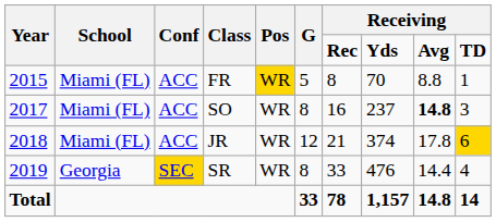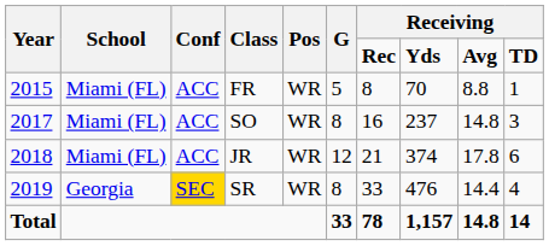 <table class="wikitable">
 <tr style="font-weight:bold; text-align:center;">
 <th rowspan="2">Year</th>
 <th rowspan="2">School</th>
 <th rowspan="2">Conf</th>
 <th rowspan="2">Class</th>
 <th rowspan="2">Pos</th>
 <th rowspan="2">G</th>
 <th colspan="4">Receiving</th>
 </tr>
 <tr style="font-weight:bold;">
 <td>Rec</td>
 <td>Yds</td>
 <td>Avg</td>
 <td>TD</td>
 </tr>
 <tr>
 <td><a href='#'>2015</a></td>
 <td><a href='#'>Miami (FL)</a></td>
 <td><a href='#'>ACC</a></td>
 <td>FR</td>
-<td style="background: gold;">WR</td>
+<td>WR</td>
 <td>5</td>
 <td>8</td>
 <td>70</td>
 <td>8.8</td>
 <td>1</td>
 </tr>
 <tr>
 <td><a href='#'>2017</a></td>
 <td><a href='#'>Miami (FL)</a></td>
 <td><a href='#'>ACC</a></td>
 <td>SO</td>
 <td>WR</td>
 <td>8</td>
 <td>16</td>
 <td>237</td>
-<td><strong>14.8</strong></td>
+<td>14.8</td>
 <td>3</td>
 </tr>
 <tr>
 <td><a href='#'>2018</a></td>
 <td><a href='#'>Miami (FL)</a></td>
 <td><a href='#'>ACC</a></td>
 <td>JR</td>
 <td>WR</td>
 <td>12</td>
 <td>21</td>
 <td>374</td>
 <td>17.8</td>
-<td style="background: gold;">6</td>
+<td>6</td>
 </tr>
 <tr>
 <td><a href='#'>2019</a></td>
 <td><a href='#'>Georgia</a></td>
 <td style="background: gold;"><a href='#'>SEC</a></td>
 <td>SR</td>
 <td>WR</td>
 <td>8</td>
 <td>33</td>
 <td>476</td>
 <td>14.4</td>
 <td>4</td>
 </tr>
 <tr style="font-weight:bold;">
 <td>Total</td>
 <td colspan="4" style="font-weight:normal;"></td>
 <td>33</td>
 <td>78</td>
 <td>1,157</td>
 <td>14.8</td>
 <td>14</td>
 </tr>
 </table>
